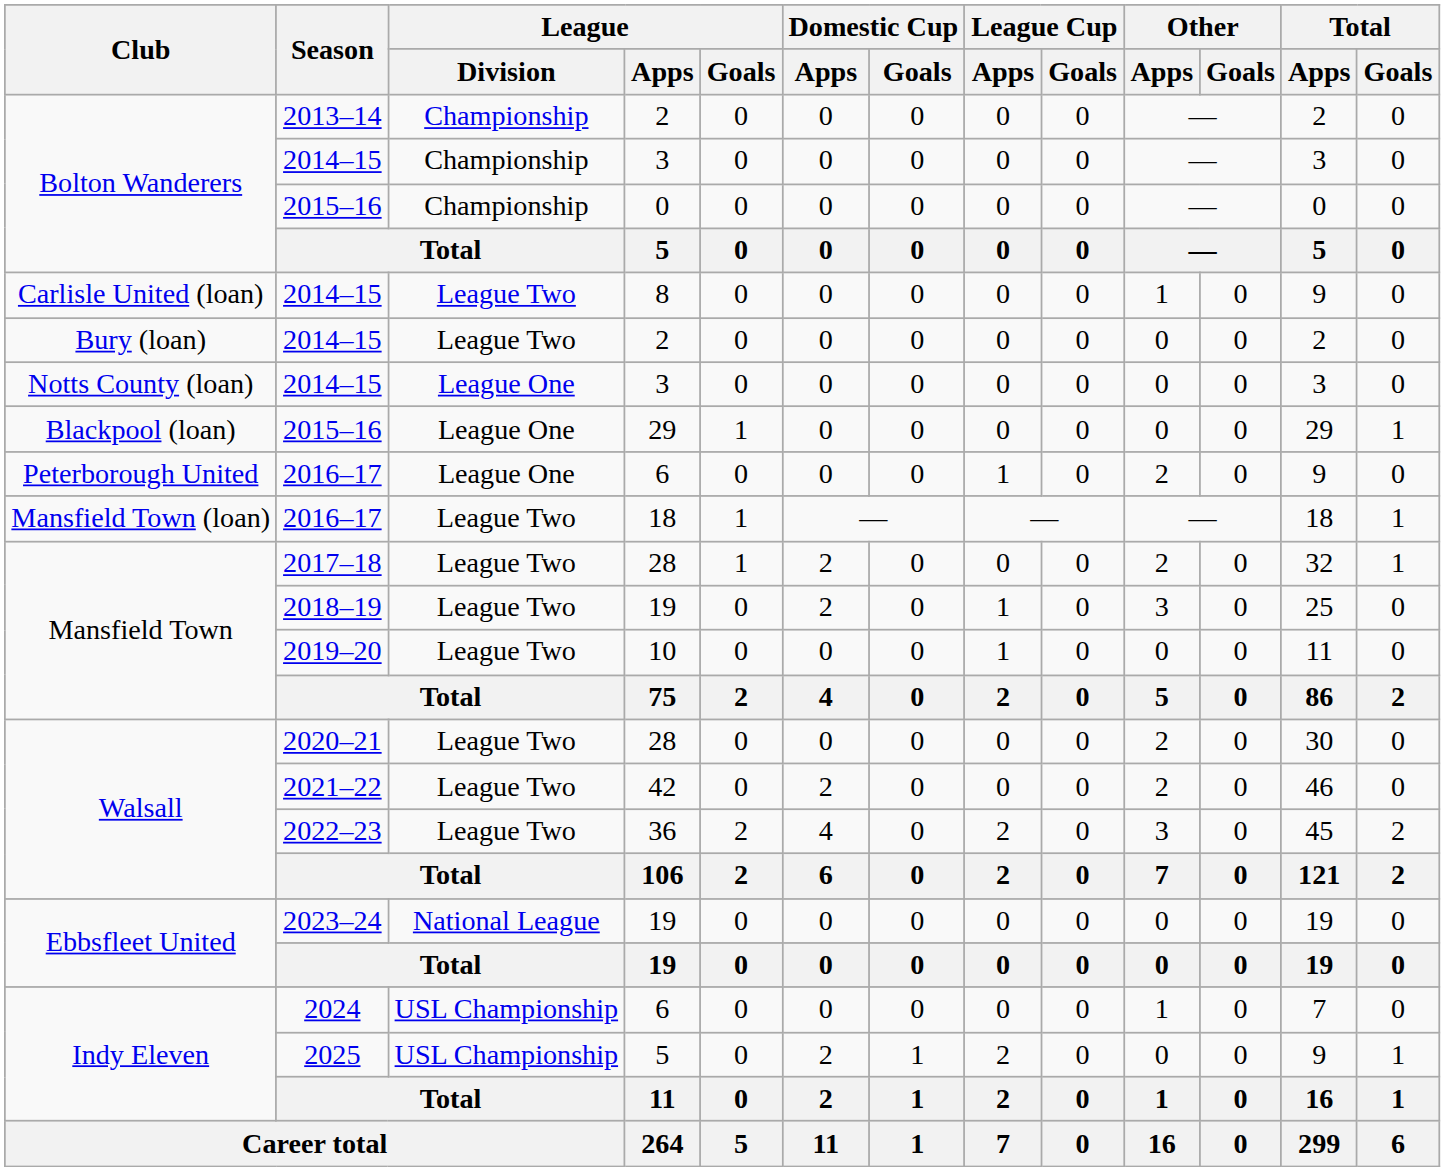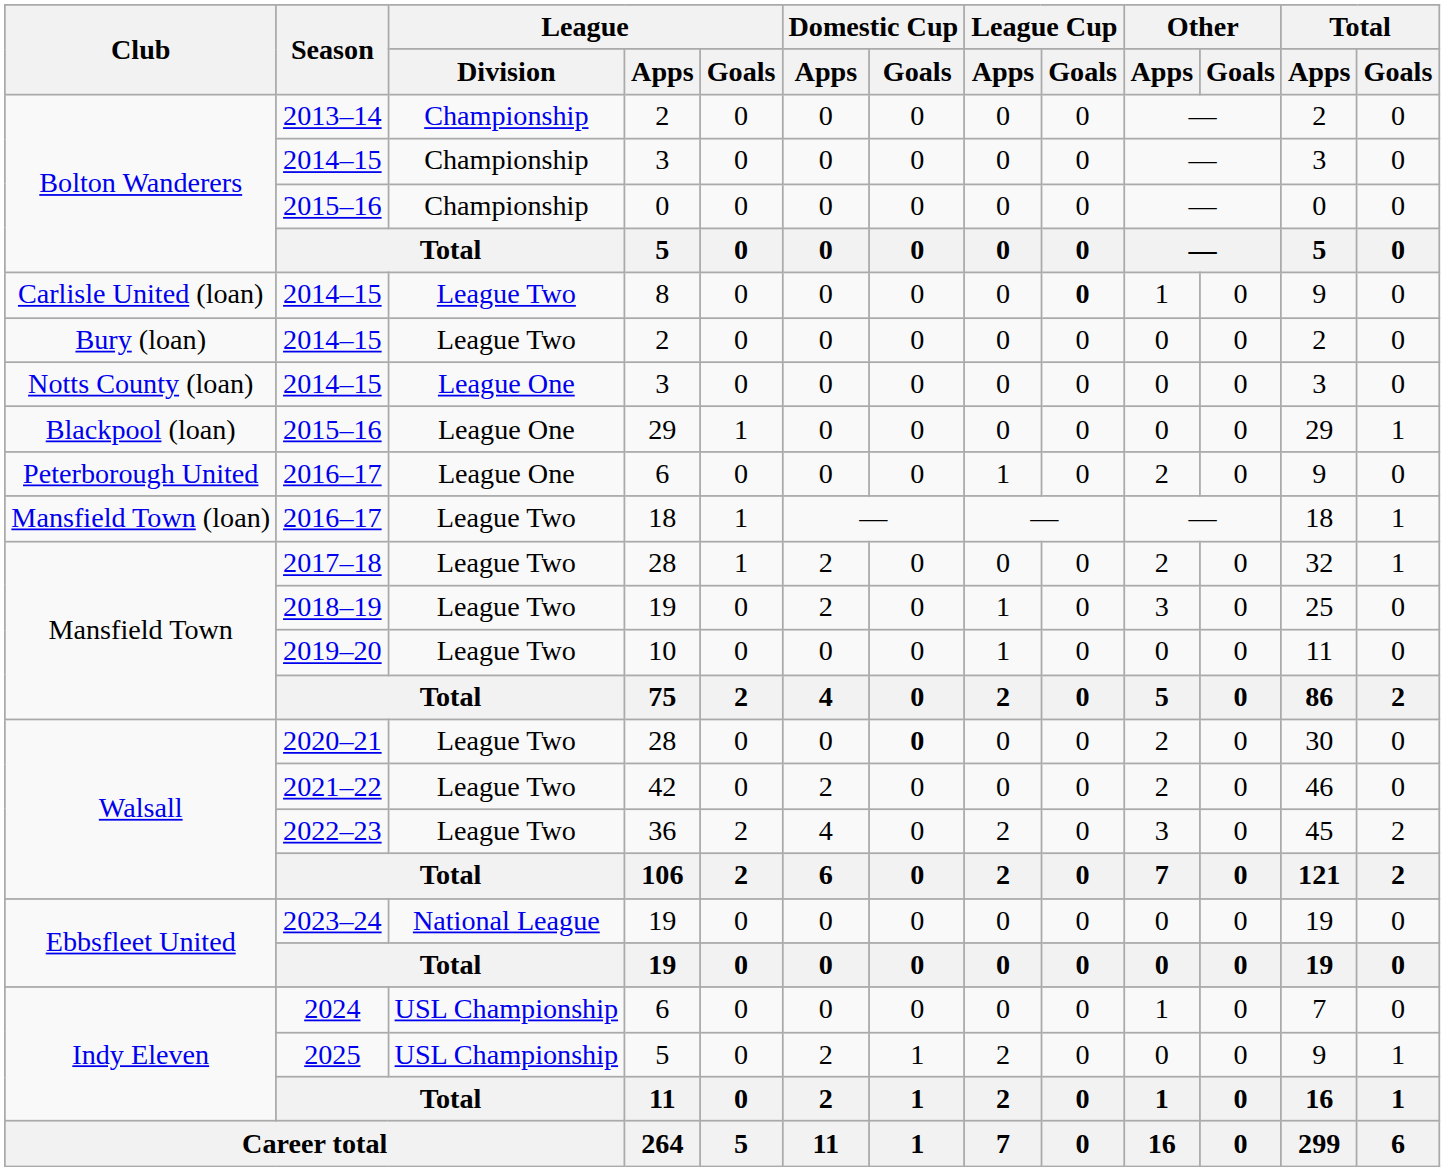 <table class="wikitable" style="text-align: center;">
 <tr>
 <th rowspan="2">Club</th>
 <th rowspan="2">Season</th>
 <th colspan="3">League</th>
 <th colspan="2">Domestic Cup</th>
 <th colspan="2">League Cup</th>
 <th colspan="2">Other</th>
 <th colspan="2">Total</th>
 </tr>
 <tr>
 <th>Division</th>
 <th>Apps</th>
 <th>Goals</th>
 <th>Apps</th>
 <th>Goals</th>
 <th>Apps</th>
 <th>Goals</th>
 <th>Apps</th>
 <th>Goals</th>
 <th>Apps</th>
 <th>Goals</th>
 </tr>
 <tr>
 <td rowspan=4><a href='#'>Bolton Wanderers</a></td>
 <td><a href='#'>2013–14</a></td>
 <td><a href='#'>Championship</a></td>
 <td>2</td>
 <td>0</td>
 <td>0</td>
 <td>0</td>
 <td>0</td>
 <td>0</td>
 <td colspan=2>—</td>
 <td>2</td>
 <td>0</td>
 </tr>
 <tr>
 <td><a href='#'>2014–15</a></td>
 <td>Championship</td>
 <td>3</td>
 <td>0</td>
 <td>0</td>
 <td>0</td>
 <td>0</td>
 <td>0</td>
 <td colspan=2>—</td>
 <td>3</td>
 <td>0</td>
 </tr>
 <tr>
 <td><a href='#'>2015–16</a></td>
 <td>Championship</td>
 <td>0</td>
 <td>0</td>
 <td>0</td>
 <td>0</td>
 <td>0</td>
 <td>0</td>
 <td colspan=2>—</td>
 <td>0</td>
 <td>0</td>
 </tr>
 <tr>
 <th colspan=2>Total</th>
 <th>5</th>
 <th>0</th>
 <th>0</th>
 <th>0</th>
 <th>0</th>
 <th>0</th>
 <th colspan=2>—</th>
 <th>5</th>
 <th>0</th>
 </tr>
 <tr>
 <td><a href='#'>Carlisle United</a> (loan)</td>
 <td><a href='#'>2014–15</a></td>
 <td><a href='#'>League Two</a></td>
 <td>8</td>
 <td>0</td>
 <td>0</td>
 <td>0</td>
 <td>0</td>
-<td>0</td>
+<td><strong>0</strong></td>
 <td>1</td>
 <td>0</td>
 <td>9</td>
 <td>0</td>
 </tr>
 <tr>
 <td><a href='#'>Bury</a> (loan)</td>
 <td><a href='#'>2014–15</a></td>
 <td>League Two</td>
 <td>2</td>
 <td>0</td>
 <td>0</td>
 <td>0</td>
 <td>0</td>
 <td>0</td>
 <td>0</td>
 <td>0</td>
 <td>2</td>
 <td>0</td>
 </tr>
 <tr>
 <td><a href='#'>Notts County</a> (loan)</td>
 <td><a href='#'>2014–15</a></td>
 <td><a href='#'>League One</a></td>
 <td>3</td>
 <td>0</td>
 <td>0</td>
 <td>0</td>
 <td>0</td>
 <td>0</td>
 <td>0</td>
 <td>0</td>
 <td>3</td>
 <td>0</td>
 </tr>
 <tr>
 <td><a href='#'>Blackpool</a> (loan)</td>
 <td><a href='#'>2015–16</a></td>
 <td>League One</td>
 <td>29</td>
 <td>1</td>
 <td>0</td>
 <td>0</td>
 <td>0</td>
 <td>0</td>
 <td>0</td>
 <td>0</td>
 <td>29</td>
 <td>1</td>
 </tr>
 <tr>
 <td><a href='#'>Peterborough United</a></td>
 <td><a href='#'>2016–17</a></td>
 <td>League One</td>
 <td>6</td>
 <td>0</td>
 <td>0</td>
 <td>0</td>
 <td>1</td>
 <td>0</td>
 <td>2</td>
 <td>0</td>
 <td>9</td>
 <td>0</td>
 </tr>
 <tr>
 <td><a href='#'>Mansfield Town</a> (loan)</td>
 <td><a href='#'>2016–17</a></td>
 <td>League Two</td>
 <td>18</td>
 <td>1</td>
 <td colspan=2>—</td>
 <td colspan=2>—</td>
 <td colspan=2>—</td>
 <td>18</td>
 <td>1</td>
 </tr>
 <tr>
 <td rowspan=4>Mansfield Town</td>
 <td><a href='#'>2017–18</a></td>
 <td>League Two</td>
 <td>28</td>
 <td>1</td>
 <td>2</td>
 <td>0</td>
 <td>0</td>
 <td>0</td>
 <td>2</td>
 <td>0</td>
 <td>32</td>
 <td>1</td>
 </tr>
 <tr>
 <td><a href='#'>2018–19</a></td>
 <td>League Two</td>
 <td>19</td>
 <td>0</td>
 <td>2</td>
 <td>0</td>
 <td>1</td>
 <td>0</td>
 <td>3</td>
 <td>0</td>
 <td>25</td>
 <td>0</td>
 </tr>
 <tr>
 <td><a href='#'>2019–20</a></td>
 <td>League Two</td>
 <td>10</td>
 <td>0</td>
 <td>0</td>
 <td>0</td>
 <td>1</td>
 <td>0</td>
 <td>0</td>
 <td>0</td>
 <td>11</td>
 <td>0</td>
 </tr>
 <tr>
 <th colspan=2>Total</th>
 <th>75</th>
 <th>2</th>
 <th>4</th>
 <th>0</th>
 <th>2</th>
 <th>0</th>
 <th>5</th>
 <th>0</th>
 <th>86</th>
 <th>2</th>
 </tr>
 <tr>
 <td rowspan=4><a href='#'>Walsall</a></td>
 <td><a href='#'>2020–21</a></td>
 <td>League Two</td>
 <td>28</td>
 <td>0</td>
 <td>0</td>
-<td>0</td>
+<td><strong>0</strong></td>
 <td>0</td>
 <td>0</td>
 <td>2</td>
 <td>0</td>
 <td>30</td>
 <td>0</td>
 </tr>
 <tr>
 <td><a href='#'>2021–22</a></td>
 <td>League Two</td>
 <td>42</td>
 <td>0</td>
 <td>2</td>
 <td>0</td>
 <td>0</td>
 <td>0</td>
 <td>2</td>
 <td>0</td>
 <td>46</td>
 <td>0</td>
 </tr>
 <tr>
 <td><a href='#'>2022–23</a></td>
 <td>League Two</td>
 <td>36</td>
 <td>2</td>
 <td>4</td>
 <td>0</td>
 <td>2</td>
 <td>0</td>
 <td>3</td>
 <td>0</td>
 <td>45</td>
 <td>2</td>
 </tr>
 <tr>
 <th colspan=2>Total</th>
 <th>106</th>
 <th>2</th>
 <th>6</th>
 <th>0</th>
 <th>2</th>
 <th>0</th>
 <th>7</th>
 <th>0</th>
 <th>121</th>
 <th>2</th>
 </tr>
 <tr>
 <td rowspan="2"><a href='#'>Ebbsfleet United</a></td>
 <td><a href='#'>2023–24</a></td>
 <td><a href='#'>National League</a></td>
 <td>19</td>
 <td>0</td>
 <td>0</td>
 <td>0</td>
 <td>0</td>
 <td>0</td>
 <td>0</td>
 <td>0</td>
 <td>19</td>
 <td>0</td>
 </tr>
 <tr>
 <th colspan="2">Total</th>
 <th>19</th>
 <th>0</th>
 <th>0</th>
 <th>0</th>
 <th>0</th>
 <th>0</th>
 <th>0</th>
 <th>0</th>
 <th>19</th>
 <th>0</th>
 </tr>
 <tr>
 <td rowspan="3"><a href='#'>Indy Eleven</a></td>
 <td><a href='#'>2024</a></td>
 <td><a href='#'>USL Championship</a></td>
 <td>6</td>
 <td>0</td>
 <td>0</td>
 <td>0</td>
 <td>0</td>
 <td>0</td>
 <td>1</td>
 <td>0</td>
 <td>7</td>
 <td>0</td>
 </tr>
 <tr>
 <td><a href='#'>2025</a></td>
 <td><a href='#'>USL Championship</a></td>
 <td>5</td>
 <td>0</td>
 <td>2</td>
 <td>1</td>
 <td>2</td>
 <td>0</td>
 <td>0</td>
 <td>0</td>
 <td>9</td>
 <td>1</td>
 </tr>
 <tr>
 <th colspan="2">Total</th>
 <th>11</th>
 <th>0</th>
 <th>2</th>
 <th>1</th>
 <th>2</th>
 <th>0</th>
 <th>1</th>
 <th>0</th>
 <th>16</th>
 <th>1</th>
 </tr>
 <tr>
 <th colspan="3">Career total</th>
 <th>264</th>
 <th>5</th>
 <th>11</th>
 <th>1</th>
 <th>7</th>
 <th>0</th>
 <th>16</th>
 <th>0</th>
 <th>299</th>
 <th>6</th>
 </tr>
 </table>
